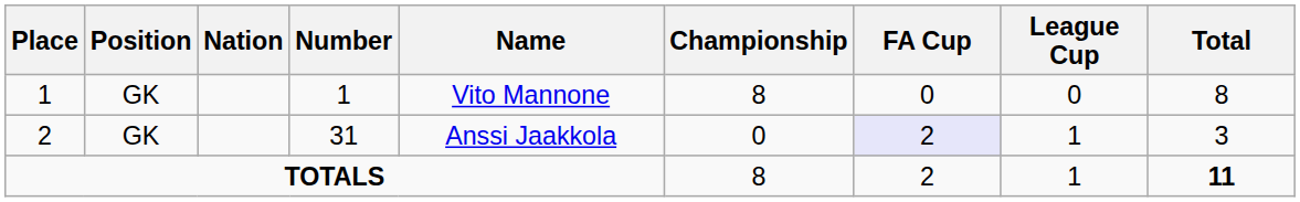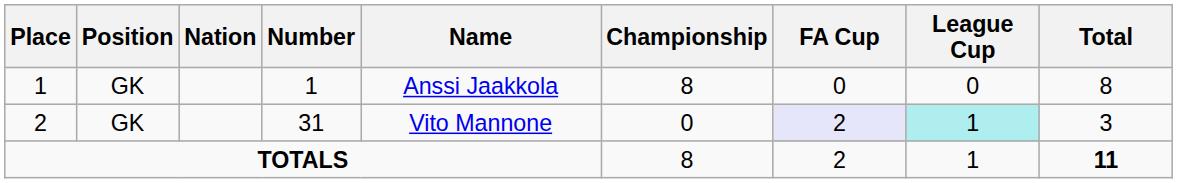 <table class="wikitable" style="font-size: 95%; text-align: center;">
 <tr>
 <th width=20>Place</th>
 <th width=20>Position</th>
 <th width=20>Nation</th>
 <th width=20>Number</th>
 <th width=150>Name</th>
 <th width=80>Championship</th>
 <th width=80>FA Cup</th>
 <th width=80>League Cup</th>
 <th width=80><strong>Total</strong></th>
 </tr>
 <tr>
 <td>1</td>
 <td>GK</td>
 <td></td>
 <td>1</td>
-<td><a href='#'>Vito Mannone</a></td>
+<td><a href='#'>Anssi Jaakkola</a></td>
 <td>8</td>
 <td>0</td>
 <td>0</td>
 <td>8</td>
 </tr>
 <tr>
 <td>2</td>
 <td>GK</td>
 <td></td>
 <td>31</td>
-<td><a href='#'>Anssi Jaakkola</a></td>
+<td><a href='#'>Vito Mannone</a></td>
 <td>0</td>
 <td style="background: lavender;">2</td>
-<td>1</td>
+<td style="background: paleturquoise;">1</td>
 <td>3</td>
 </tr>
 <tr>
 <td colspan="5"><strong>TOTALS</strong></td>
 <td>8</td>
 <td>2</td>
 <td>1</td>
 <td><strong>11</strong></td>
 </tr>
 </table>
